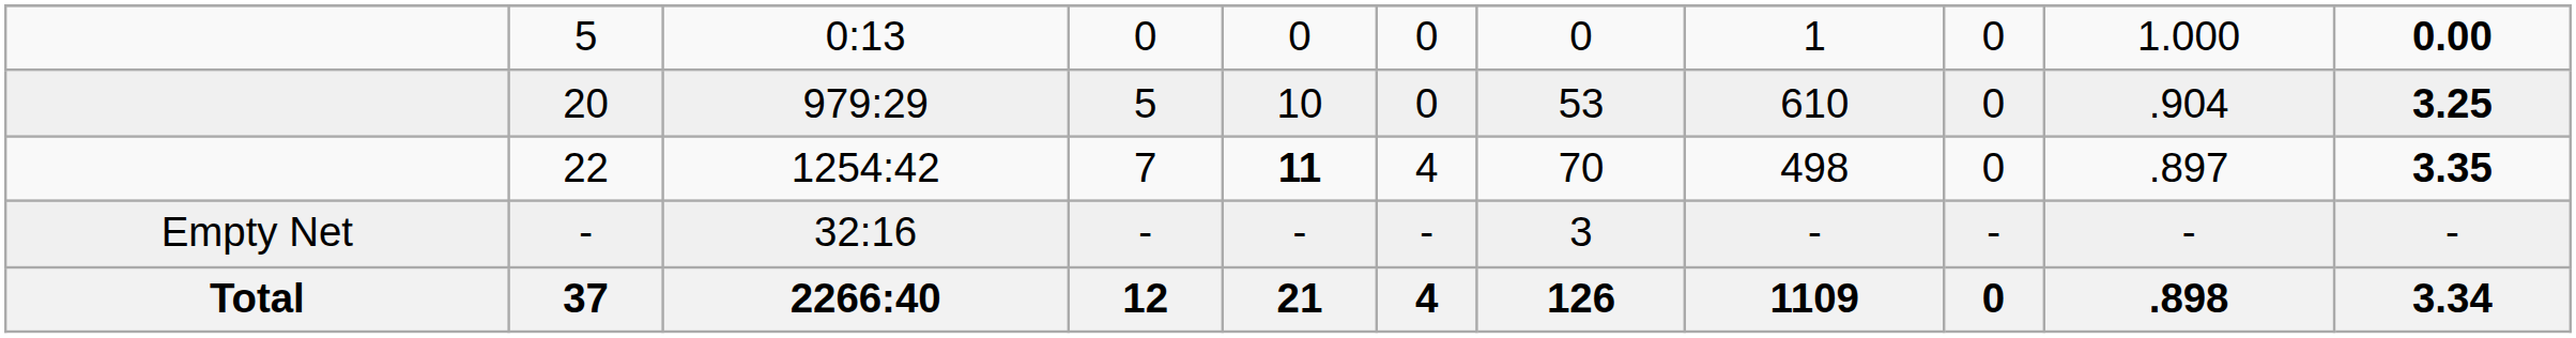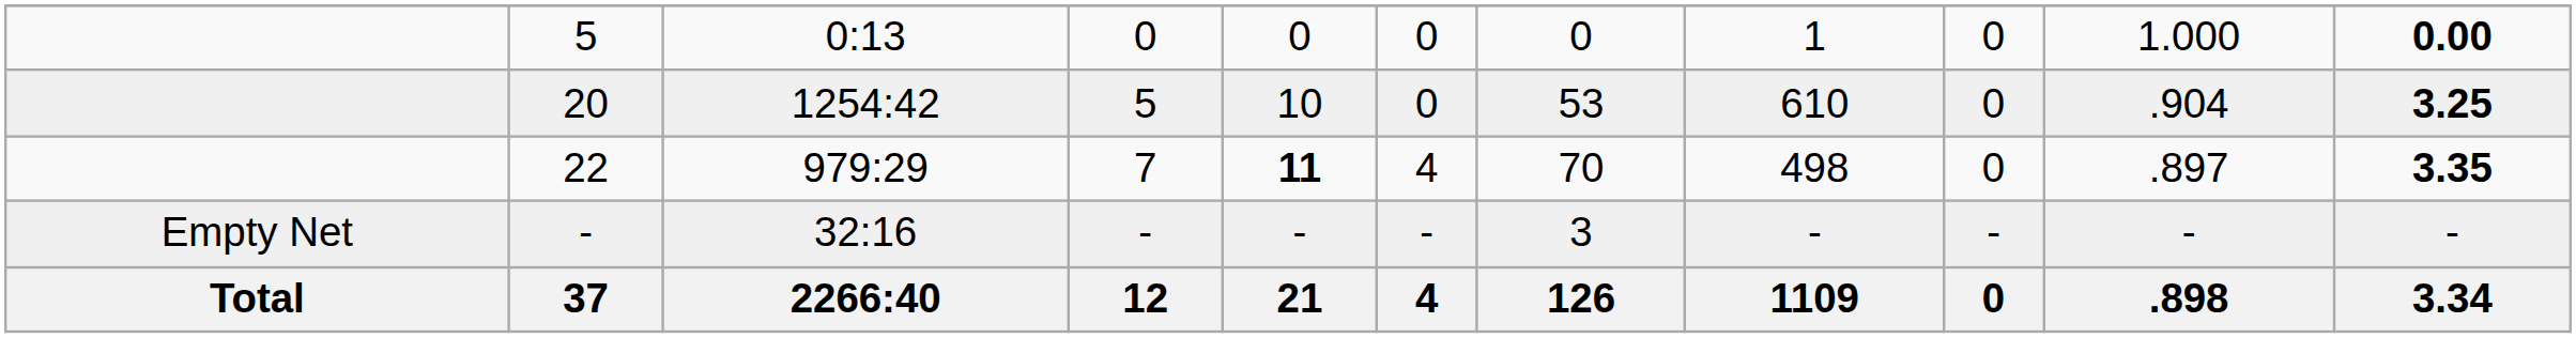 <table class="wikitable sortable" width ="1000">
 <tr align="center">
 </tr>
 <tr align="center" bgcolor="">
 <td></td>
 <td>5</td>
 <td>0:13</td>
 <td>0</td>
 <td>0</td>
 <td>0</td>
 <td>0</td>
 <td>1</td>
 <td>0</td>
 <td>1.000</td>
 <td><strong>0.00</strong></td>
 </tr>
 <tr align="center" bgcolor="f0f0f0">
 <td></td>
 <td>20</td>
-<td>979:29</td>
+<td>1254:42</td>
 <td>5</td>
 <td>10</td>
 <td>0</td>
 <td>53</td>
 <td>610</td>
 <td>0</td>
 <td>.904</td>
 <td><strong>3.25</strong></td>
 </tr>
 <tr align="center" bgcolor="">
 <td></td>
 <td>22</td>
-<td>1254:42</td>
+<td>979:29</td>
 <td>7</td>
 <td><strong>11</strong></td>
 <td>4</td>
 <td>70</td>
 <td>498</td>
 <td>0</td>
 <td>.897</td>
 <td><strong>3.35</strong></td>
 </tr>
 <tr align="center" bgcolor="f0f0f0">
 <td>Empty Net</td>
 <td>-</td>
 <td>32:16</td>
 <td>-</td>
 <td>-</td>
 <td>-</td>
 <td>3</td>
 <td>-</td>
 <td>-</td>
 <td>-</td>
 <td>-</td>
 </tr>
 <tr>
 <th>Total</th>
 <th>37</th>
 <th>2266:40</th>
 <th>12</th>
 <th>21</th>
 <th>4</th>
 <th>126</th>
 <th>1109</th>
 <th>0</th>
 <th>.898</th>
 <th>3.34</th>
 </tr>
 </table>
